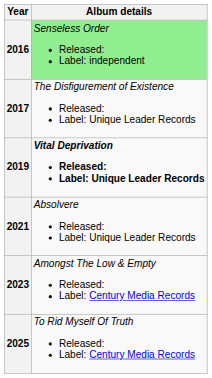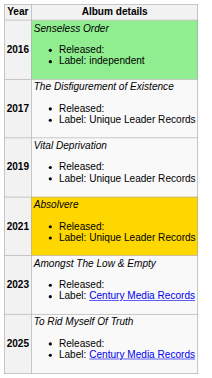 <table class="wikitable plainrowheaders" style="text-align:center;">
 <tr>
 <th>Year</th>
 <th>Album details</th>
 </tr>
 <tr>
 <th scope="row">2016</th>
 <td align=left style="background: lightgreen;"><em>Senseless Order</em><br><ul><li>Released: </li><li>Label: independent</li></ul></td>
 </tr>
 <tr>
 <th scope="row">2017</th>
 <td align=left><em>The Disfigurement of Existence</em><br><ul><li>Released: </li><li>Label: Unique Leader Records</li></ul></td>
 </tr>
 <tr>
 <th scope="row">2019</th>
-<td align=left><strong><em>Vital Deprivation</em><br><ul><li>Released: </li><li>Label: Unique Leader Records</li></ul></strong></td>
+<td align=left><em>Vital Deprivation</em><br><ul><li>Released: </li><li>Label: Unique Leader Records</li></ul></td>
 </tr>
 <tr>
 <th scope="row">2021</th>
-<td align=left><em>Absolvere</em><br><ul><li>Released: </li><li>Label: Unique Leader Records</li></ul></td>
+<td align=left style="background: gold;"><em>Absolvere</em><br><ul><li>Released: </li><li>Label: Unique Leader Records</li></ul></td>
 </tr>
 <tr>
 <th scope="row">2023</th>
 <td align=left><em>Amongst The Low & Empty</em><br><ul><li>Released: </li><li>Label: <a href='#'>Century Media Records</a></li></ul></td>
 </tr>
 <tr>
 <th scope="row">2025</th>
 <td align=left><em>To Rid Myself Of Truth</em><br><ul><li>Released: </li><li>Label: <a href='#'>Century Media Records</a></li></ul></td>
 </tr>
 </table>
